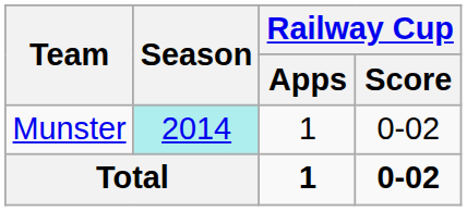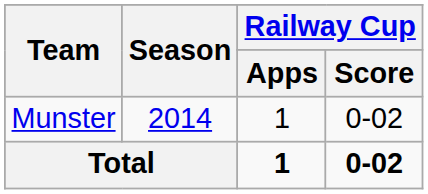 <table class="wikitable" style="text-align:center">
 <tr>
 <th rowspan="2">Team</th>
 <th rowspan="2">Season</th>
 <th colspan="2"><a href='#'>Railway Cup</a></th>
 </tr>
 <tr>
 <th>Apps</th>
 <th>Score</th>
 </tr>
 <tr>
 <td rowspan="1"><a href='#'>Munster</a></td>
-<td style="background: paleturquoise;"><a href='#'>2014</a></td>
+<td><a href='#'>2014</a></td>
 <td>1</td>
 <td>0-02</td>
 </tr>
 <tr>
 <th colspan="2">Total</th>
 <td><strong>1</strong></td>
 <td><strong>0-02</strong></td>
 </tr>
 </table>
